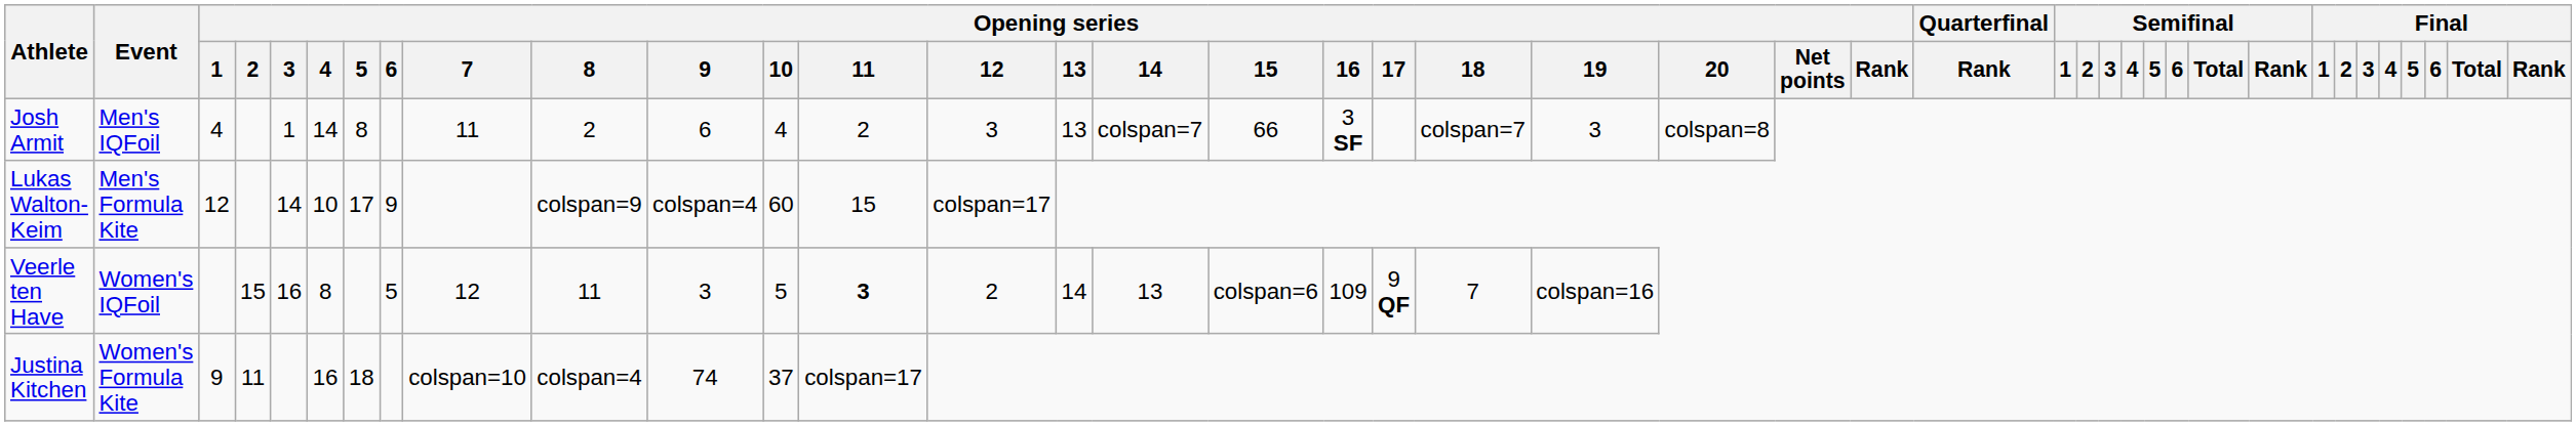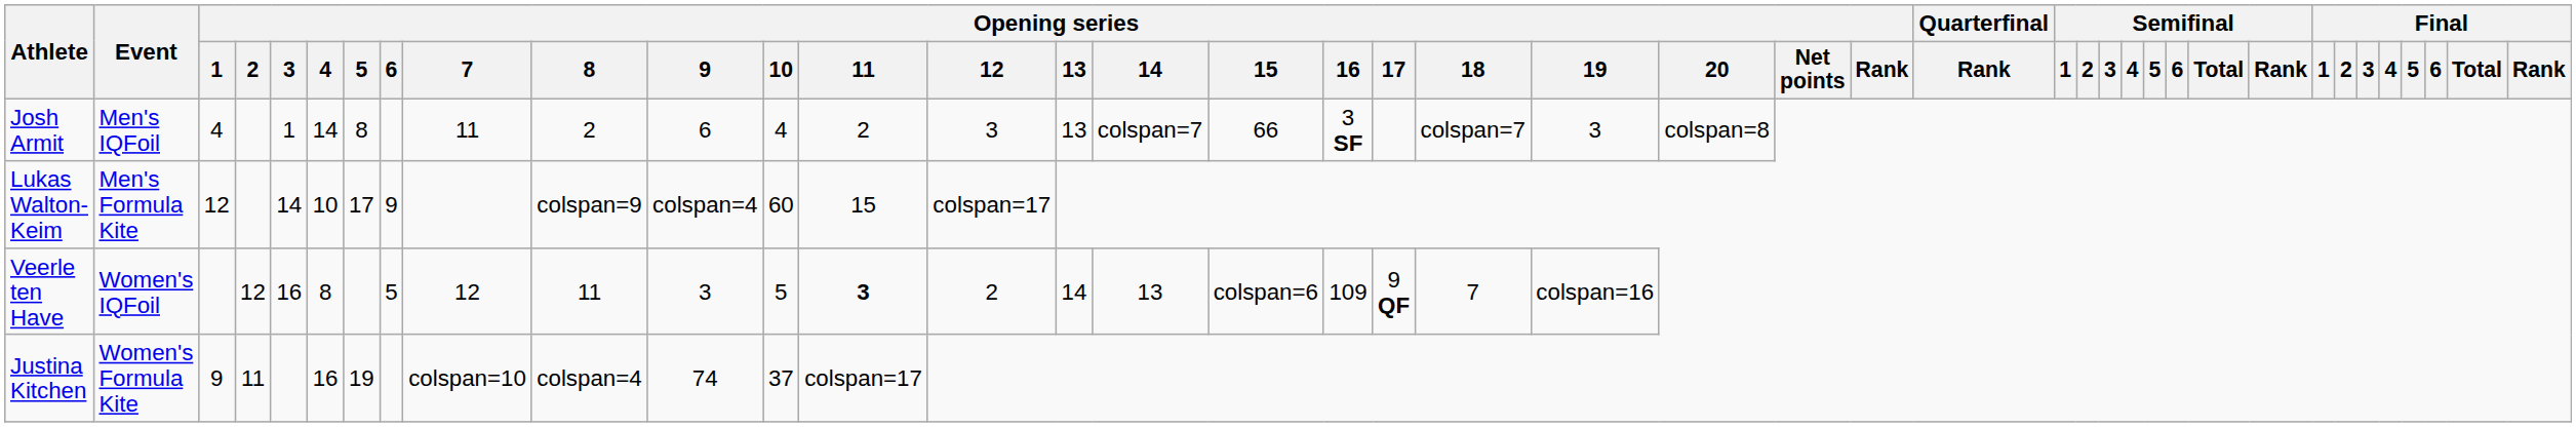 <table class=wikitable style=font-size:90%;text-align:center>
 <tr>
 <th rowspan=2>Athlete</th>
 <th rowspan=2>Event</th>
 <th colspan=22>Opening series</th>
 <th>Quarterfinal</th>
 <th colspan=8>Semifinal</th>
 <th colspan=8>Final</th>
 </tr>
 <tr style=font-size:95%>
 <th>1</th>
 <th>2</th>
 <th>3</th>
 <th>4</th>
 <th>5</th>
 <th>6</th>
 <th>7</th>
 <th>8</th>
 <th>9</th>
 <th>10</th>
 <th>11</th>
 <th>12</th>
 <th>13</th>
 <th>14</th>
 <th>15</th>
 <th>16</th>
 <th>17</th>
 <th>18</th>
 <th>19</th>
 <th>20</th>
 <th>Net points</th>
 <th>Rank</th>
 <th>Rank</th>
 <th>1</th>
 <th>2</th>
 <th>3</th>
 <th>4</th>
 <th>5</th>
 <th>6</th>
 <th>Total</th>
 <th>Rank</th>
 <th>1</th>
 <th>2</th>
 <th>3</th>
 <th>4</th>
 <th>5</th>
 <th>6</th>
 <th>Total</th>
 <th>Rank</th>
 </tr>
 <tr>
 <td align=left><a href='#'>Josh Armit</a></td>
 <td align=left><a href='#'>Men's IQFoil</a></td>
 <td>4</td>
 <td></td>
 <td>1</td>
 <td>14</td>
 <td>8</td>
 <td></td>
 <td>11</td>
 <td>2</td>
 <td>6</td>
 <td>4</td>
 <td>2</td>
 <td>3</td>
 <td>13</td>
 <td>colspan=7 </td>
 <td>66</td>
 <td>3 <strong>SF</strong></td>
 <td></td>
 <td>colspan=7 </td>
 <td>3</td>
 <td>colspan=8 </td>
 </tr>
 <tr>
 <td align=left><a href='#'>Lukas Walton-Keim</a></td>
 <td align=left><a href='#'>Men's Formula Kite</a></td>
 <td>12</td>
 <td></td>
 <td>14</td>
 <td>10</td>
 <td>17</td>
 <td>9</td>
 <td></td>
 <td>colspan=9 </td>
 <td>colspan=4 </td>
 <td>60</td>
 <td>15</td>
 <td>colspan=17 </td>
 </tr>
 <tr>
 <td align=left><a href='#'>Veerle ten Have</a></td>
 <td align=left><a href='#'>Women's IQFoil</a></td>
 <td></td>
-<td>15</td>
+<td>12</td>
 <td>16</td>
 <td>8</td>
 <td></td>
 <td>5</td>
 <td>12</td>
 <td>11</td>
 <td>3</td>
 <td>5</td>
 <td><strong>3</strong></td>
 <td>2</td>
 <td>14</td>
 <td>13</td>
 <td>colspan=6 </td>
 <td>109</td>
 <td>9 <strong>QF</strong></td>
 <td>7</td>
 <td>colspan=16 </td>
 </tr>
 <tr>
 <td align=left><a href='#'>Justina Kitchen</a></td>
 <td align=left><a href='#'>Women's Formula Kite</a></td>
 <td>9</td>
 <td>11</td>
 <td></td>
 <td>16</td>
-<td>18</td>
+<td>19</td>
 <td></td>
 <td>colspan=10 </td>
 <td>colspan=4 </td>
 <td>74</td>
 <td>37</td>
 <td>colspan=17 </td>
 </tr>
 </table>
